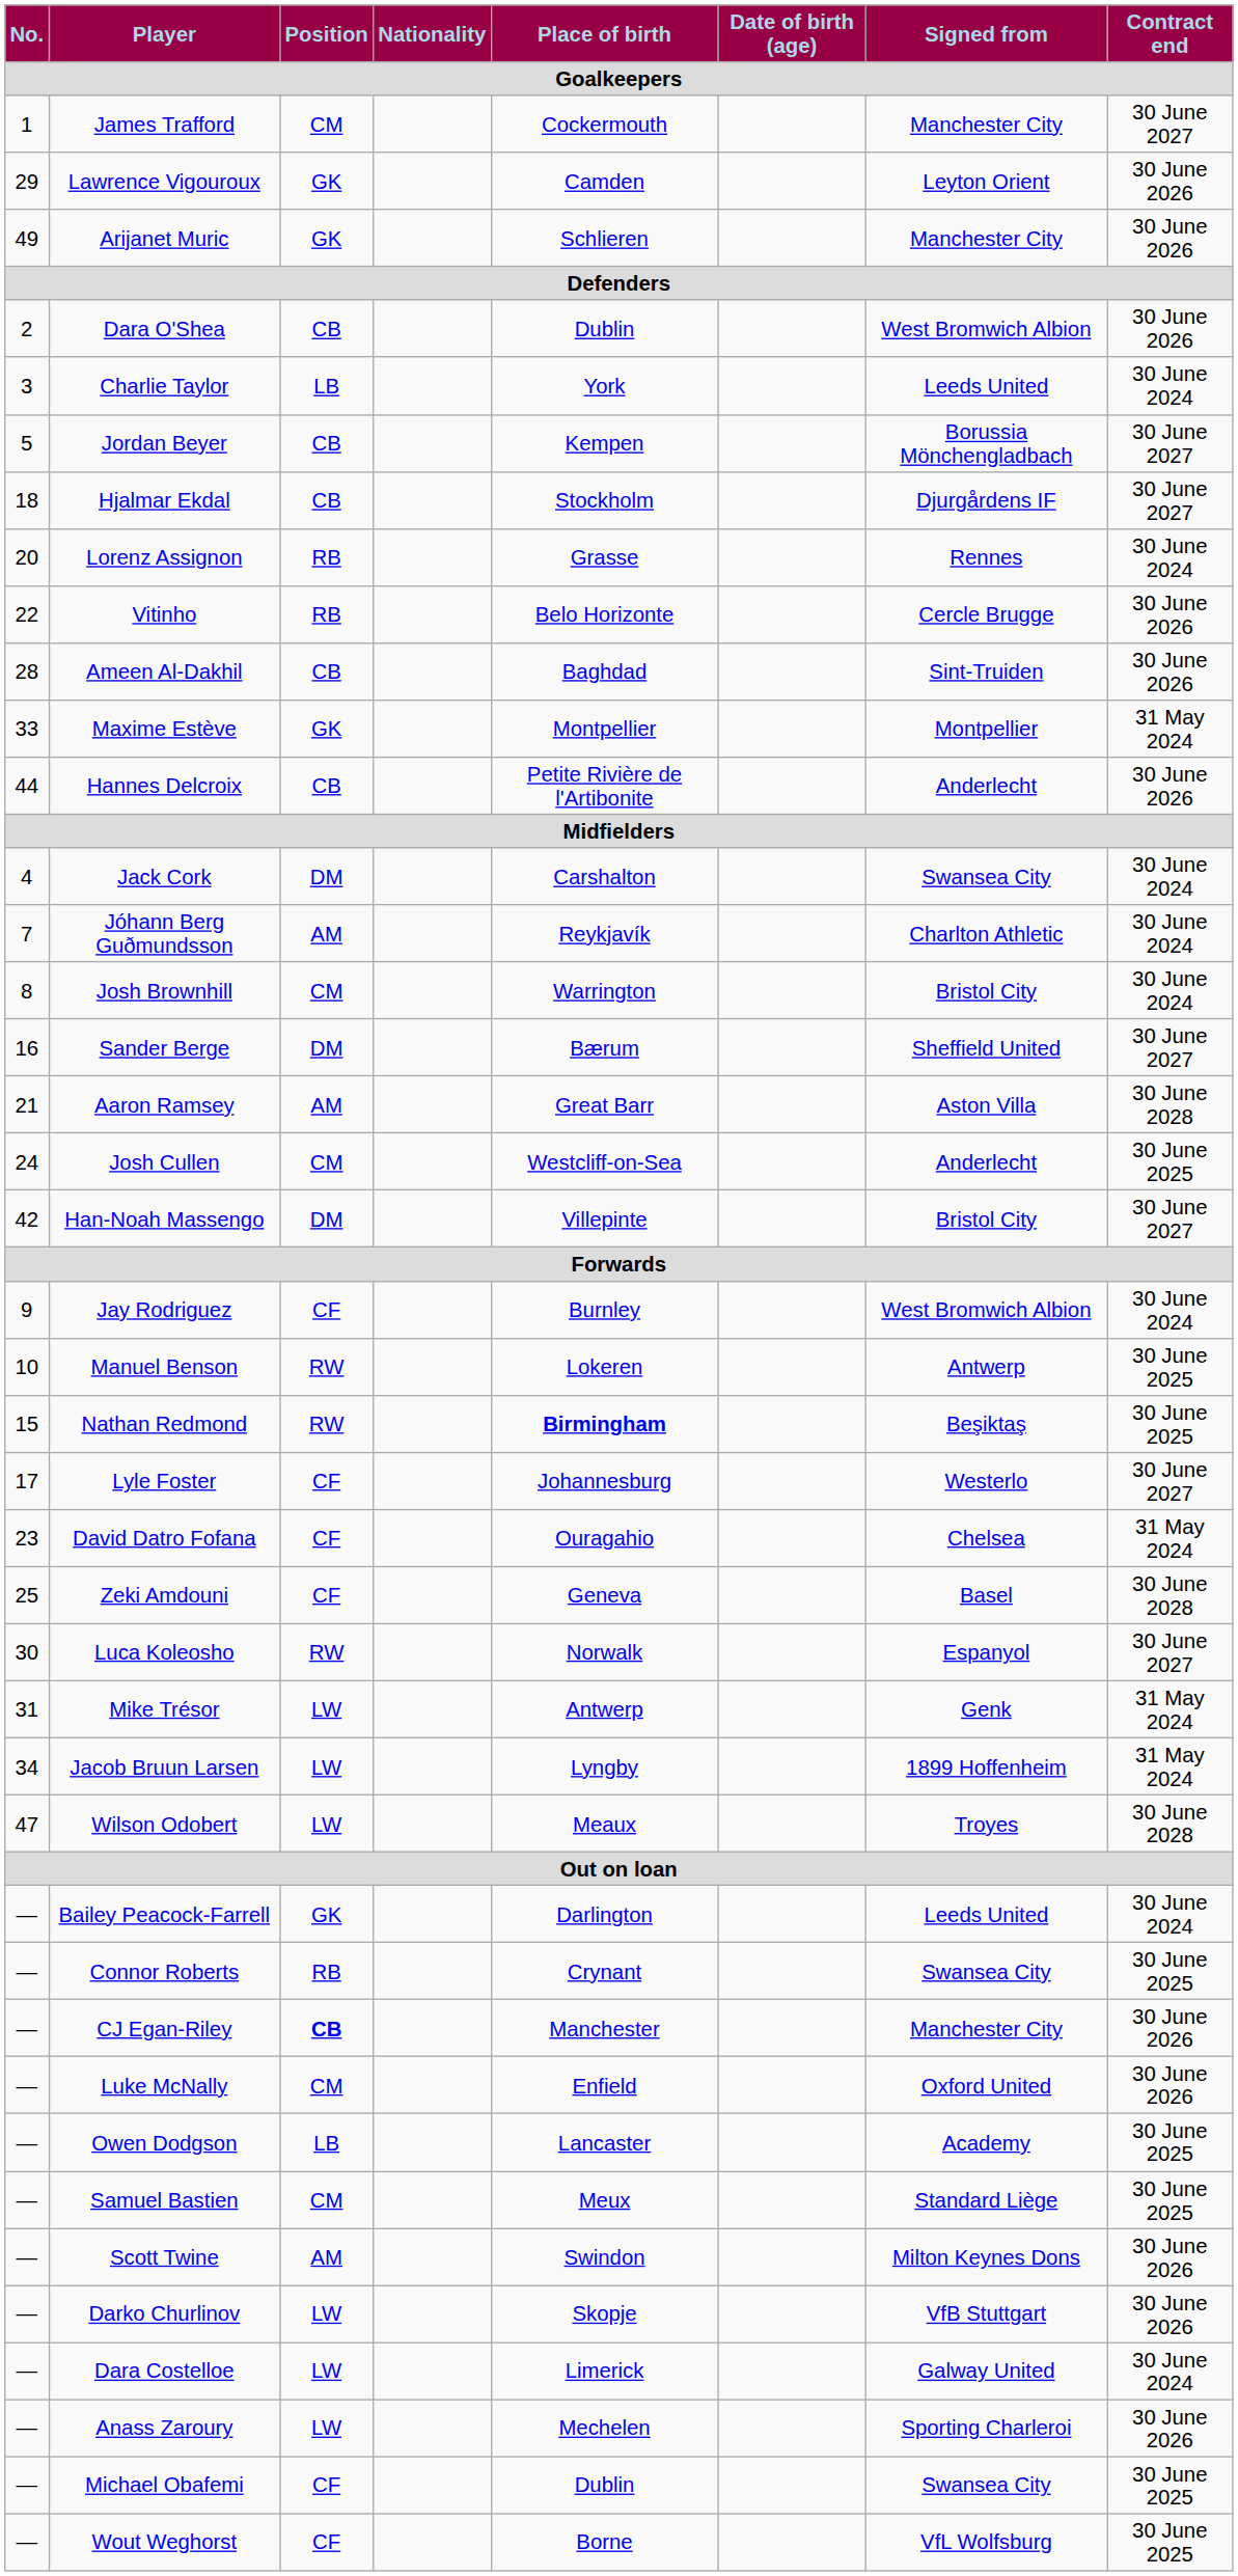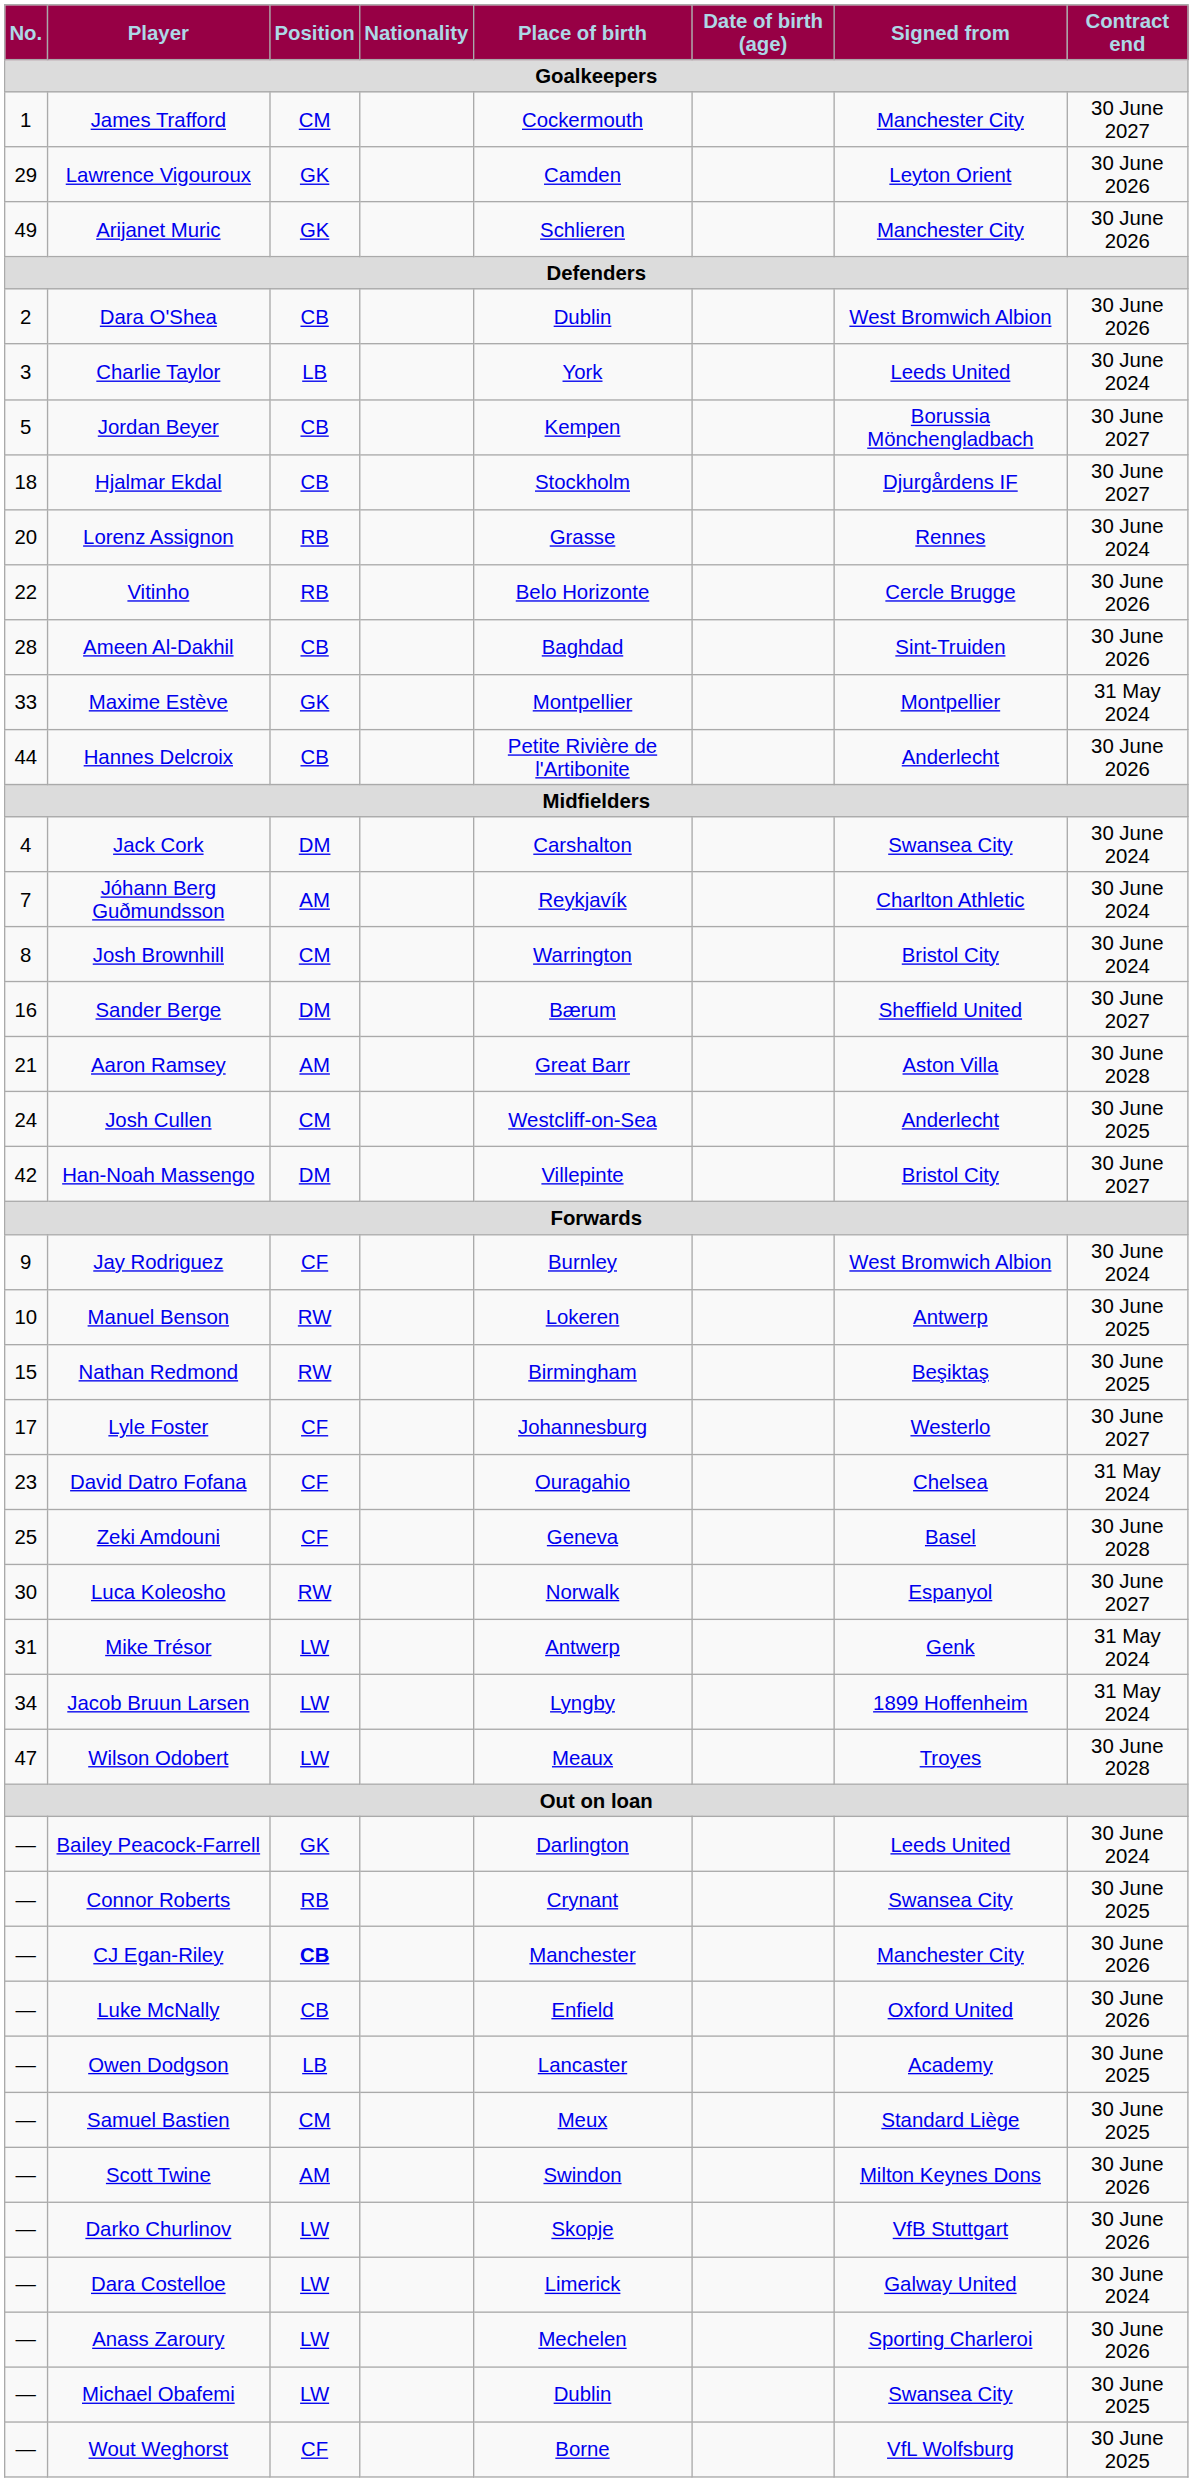 <table class="wikitable" style="text-align:center; font-size:95%; width:100%;">
 <tr>
 <th style="background:#970045; color:#ADD8E6; text-align:center;">No.</th>
 <th style="background:#970045; color:#ADD8E6; text-align:center;">Player</th>
 <th style="background:#970045; color:#ADD8E6; text-align:center;">Position</th>
 <th style="background:#970045; color:#ADD8E6; text-align:center;">Nationality</th>
 <th style="background:#970045; color:#ADD8E6; text-align:center;">Place of birth</th>
 <th style="background:#970045; color:#ADD8E6; text-align:center;">Date of birth (age)</th>
 <th style="background:#970045; color:#ADD8E6; text-align:center;">Signed from</th>
 <th style="background:#970045; color:#ADD8E6; text-align:center;">Contract end</th>
 </tr>
 <tr>
 <th colspan="12" style="background:#dcdcdc; tepxt-align:center;">Goalkeepers</th>
 </tr>
 <tr>
 <td>1</td>
 <td><a href='#'>James Trafford</a></td>
 <td><a href='#'>CM</a></td>
 <td></td>
 <td><a href='#'>Cockermouth</a></td>
 <td></td>
 <td><a href='#'>Manchester City</a></td>
 <td>30 June 2027</td>
 </tr>
 <tr>
 <td>29</td>
 <td><a href='#'>Lawrence Vigouroux</a></td>
 <td><a href='#'>GK</a></td>
 <td></td>
 <td> <a href='#'>Camden</a></td>
 <td></td>
 <td><a href='#'>Leyton Orient</a></td>
 <td>30 June 2026</td>
 </tr>
 <tr>
 <td>49</td>
 <td><a href='#'>Arijanet Muric</a></td>
 <td><a href='#'>GK</a></td>
 <td></td>
 <td> <a href='#'>Schlieren</a></td>
 <td></td>
 <td><a href='#'>Manchester City</a></td>
 <td>30 June 2026</td>
 </tr>
 <tr>
 <th colspan="12" style="background:#dcdcdc; tepxt-align:center;">Defenders</th>
 </tr>
 <tr>
 <td>2</td>
 <td><a href='#'>Dara O'Shea</a></td>
 <td><a href='#'>CB</a></td>
 <td></td>
 <td><a href='#'>Dublin</a></td>
 <td></td>
 <td><a href='#'>West Bromwich Albion</a></td>
 <td>30 June 2026</td>
 </tr>
 <tr>
 <td>3</td>
 <td><a href='#'>Charlie Taylor</a></td>
 <td><a href='#'>LB</a></td>
 <td></td>
 <td><a href='#'>York</a></td>
 <td></td>
 <td><a href='#'>Leeds United</a></td>
 <td>30 June 2024</td>
 </tr>
 <tr>
 <td>5</td>
 <td><a href='#'>Jordan Beyer</a></td>
 <td><a href='#'>CB</a></td>
 <td></td>
 <td><a href='#'>Kempen</a></td>
 <td></td>
 <td> <a href='#'>Borussia Mönchengladbach</a></td>
 <td>30 June 2027</td>
 </tr>
 <tr>
 <td>18</td>
 <td><a href='#'>Hjalmar Ekdal</a></td>
 <td><a href='#'>CB</a></td>
 <td></td>
 <td><a href='#'>Stockholm</a></td>
 <td></td>
 <td> <a href='#'>Djurgårdens IF</a></td>
 <td>30 June 2027</td>
 </tr>
 <tr>
 <td>20</td>
 <td><a href='#'>Lorenz Assignon</a></td>
 <td><a href='#'>RB</a></td>
 <td></td>
 <td><a href='#'>Grasse</a></td>
 <td></td>
 <td> <a href='#'>Rennes</a></td>
 <td>30 June 2024</td>
 </tr>
 <tr>
 <td>22</td>
 <td><a href='#'>Vitinho</a></td>
 <td><a href='#'>RB</a></td>
 <td></td>
 <td><a href='#'>Belo Horizonte</a></td>
 <td></td>
 <td> <a href='#'>Cercle Brugge</a></td>
 <td>30 June 2026</td>
 </tr>
 <tr>
 <td>28</td>
 <td><a href='#'>Ameen Al-Dakhil</a></td>
 <td><a href='#'>CB</a></td>
 <td></td>
 <td> <a href='#'>Baghdad</a></td>
 <td></td>
 <td> <a href='#'>Sint-Truiden</a></td>
 <td>30 June 2026</td>
 </tr>
 <tr>
 <td>33</td>
 <td><a href='#'>Maxime Estève</a></td>
 <td><a href='#'>GK</a></td>
 <td></td>
 <td><a href='#'>Montpellier</a></td>
 <td></td>
 <td> <a href='#'>Montpellier</a></td>
 <td>31 May 2024</td>
 </tr>
 <tr>
 <td>44</td>
 <td><a href='#'>Hannes Delcroix</a></td>
 <td><a href='#'>CB</a></td>
 <td></td>
 <td> <a href='#'>Petite Rivière de l'Artibonite</a></td>
 <td></td>
 <td> <a href='#'>Anderlecht</a></td>
 <td>30 June 2026</td>
 </tr>
 <tr>
 <th colspan="12" style="background:#dcdcdc; tepxt-align:center;">Midfielders</th>
 </tr>
 <tr>
 <td>4</td>
 <td><a href='#'>Jack Cork</a></td>
 <td><a href='#'>DM</a></td>
 <td></td>
 <td><a href='#'>Carshalton</a></td>
 <td></td>
 <td> <a href='#'>Swansea City</a></td>
 <td>30 June 2024</td>
 </tr>
 <tr>
 <td>7</td>
 <td><a href='#'>Jóhann Berg Guðmundsson</a></td>
 <td><a href='#'>AM</a></td>
 <td></td>
 <td><a href='#'>Reykjavík</a></td>
 <td></td>
 <td><a href='#'>Charlton Athletic</a></td>
 <td>30 June 2024</td>
 </tr>
 <tr>
 <td>8</td>
 <td><a href='#'>Josh Brownhill</a></td>
 <td><a href='#'>CM</a></td>
 <td></td>
 <td><a href='#'>Warrington</a></td>
 <td></td>
 <td><a href='#'>Bristol City</a></td>
 <td>30 June 2024</td>
 </tr>
 <tr>
 <td>16</td>
 <td><a href='#'>Sander Berge</a></td>
 <td><a href='#'>DM</a></td>
 <td></td>
 <td><a href='#'>Bærum</a></td>
 <td></td>
 <td><a href='#'>Sheffield United</a></td>
 <td>30 June 2027</td>
 </tr>
 <tr>
 <td>21</td>
 <td><a href='#'>Aaron Ramsey</a></td>
 <td><a href='#'>AM</a></td>
 <td></td>
 <td><a href='#'>Great Barr</a></td>
 <td></td>
 <td><a href='#'>Aston Villa</a></td>
 <td>30 June 2028</td>
 </tr>
 <tr>
 <td>24</td>
 <td><a href='#'>Josh Cullen</a></td>
 <td><a href='#'>CM</a></td>
 <td></td>
 <td> <a href='#'>Westcliff-on-Sea</a></td>
 <td></td>
 <td> <a href='#'>Anderlecht</a></td>
 <td>30 June 2025</td>
 </tr>
 <tr>
 <td>42</td>
 <td><a href='#'>Han-Noah Massengo</a></td>
 <td><a href='#'>DM</a></td>
 <td></td>
 <td><a href='#'>Villepinte</a></td>
 <td></td>
 <td><a href='#'>Bristol City</a></td>
 <td>30 June 2027</td>
 </tr>
 <tr>
 <th colspan="12" style="background:#dcdcdc; tepxt-align:center;">Forwards</th>
 </tr>
 <tr>
 <td>9</td>
 <td><a href='#'>Jay Rodriguez</a></td>
 <td><a href='#'>CF</a></td>
 <td></td>
 <td><a href='#'>Burnley</a></td>
 <td></td>
 <td><a href='#'>West Bromwich Albion</a></td>
 <td>30 June 2024</td>
 </tr>
 <tr>
 <td>10</td>
 <td><a href='#'>Manuel Benson</a></td>
 <td><a href='#'>RW</a></td>
 <td></td>
 <td><a href='#'>Lokeren</a></td>
 <td></td>
 <td> <a href='#'>Antwerp</a></td>
 <td>30 June 2025</td>
 </tr>
 <tr>
 <td>15</td>
 <td><a href='#'>Nathan Redmond</a></td>
 <td><a href='#'>RW</a></td>
 <td></td>
-<td><strong><a href='#'>Birmingham</a></strong></td>
+<td><a href='#'>Birmingham</a></td>
 <td></td>
 <td> <a href='#'>Beşiktaş</a></td>
 <td>30 June 2025</td>
 </tr>
 <tr>
 <td>17</td>
 <td><a href='#'>Lyle Foster</a></td>
 <td><a href='#'>CF</a></td>
 <td></td>
 <td><a href='#'>Johannesburg</a></td>
 <td></td>
 <td> <a href='#'>Westerlo</a></td>
 <td>30 June 2027</td>
 </tr>
 <tr>
 <td>23</td>
 <td><a href='#'>David Datro Fofana</a></td>
 <td><a href='#'>CF</a></td>
 <td></td>
 <td><a href='#'>Ouragahio</a></td>
 <td></td>
 <td><a href='#'>Chelsea</a></td>
 <td>31 May 2024</td>
 </tr>
 <tr>
 <td>25</td>
 <td><a href='#'>Zeki Amdouni</a></td>
 <td><a href='#'>CF</a></td>
 <td></td>
 <td><a href='#'>Geneva</a></td>
 <td></td>
 <td> <a href='#'>Basel</a></td>
 <td>30 June 2028</td>
 </tr>
 <tr>
 <td>30</td>
 <td><a href='#'>Luca Koleosho</a></td>
 <td><a href='#'>RW</a></td>
 <td></td>
 <td> <a href='#'>Norwalk</a></td>
 <td></td>
 <td> <a href='#'>Espanyol</a></td>
 <td>30 June 2027</td>
 </tr>
 <tr>
 <td>31</td>
 <td><a href='#'>Mike Trésor</a></td>
 <td><a href='#'>LW</a></td>
 <td></td>
 <td><a href='#'>Antwerp</a></td>
 <td></td>
 <td> <a href='#'>Genk</a></td>
 <td>31 May 2024</td>
 </tr>
 <tr>
 <td>34</td>
 <td><a href='#'>Jacob Bruun Larsen</a></td>
 <td><a href='#'>LW</a></td>
 <td></td>
 <td><a href='#'>Lyngby</a></td>
 <td></td>
 <td> <a href='#'>1899 Hoffenheim</a></td>
 <td>31 May 2024</td>
 </tr>
 <tr>
 <td>47</td>
 <td><a href='#'>Wilson Odobert</a></td>
 <td><a href='#'>LW</a></td>
 <td></td>
 <td><a href='#'>Meaux</a></td>
 <td></td>
 <td> <a href='#'>Troyes</a></td>
 <td>30 June 2028</td>
 </tr>
 <tr>
 <th colspan="12" style="background:#dcdcdc; tepxt-align:center;">Out on loan</th>
 </tr>
 <tr>
 <td>—</td>
 <td><a href='#'>Bailey Peacock-Farrell</a></td>
 <td><a href='#'>GK</a></td>
 <td></td>
 <td> <a href='#'>Darlington</a></td>
 <td></td>
 <td><a href='#'>Leeds United</a></td>
 <td>30 June 2024</td>
 </tr>
 <tr>
 <td>—</td>
 <td><a href='#'>Connor Roberts</a></td>
 <td><a href='#'>RB</a></td>
 <td></td>
 <td><a href='#'>Crynant</a></td>
 <td></td>
 <td> <a href='#'>Swansea City</a></td>
 <td>30 June 2025</td>
 </tr>
 <tr>
 <td>—</td>
 <td><a href='#'>CJ Egan-Riley</a></td>
 <td><strong><a href='#'>CB</a></strong></td>
 <td></td>
 <td><a href='#'>Manchester</a></td>
 <td></td>
 <td><a href='#'>Manchester City</a></td>
 <td>30 June 2026</td>
 </tr>
 <tr>
 <td>—</td>
 <td><a href='#'>Luke McNally</a></td>
-<td><a href='#'>CM</a></td>
+<td><a href='#'>CB</a></td>
 <td></td>
 <td><a href='#'>Enfield</a></td>
 <td></td>
 <td><a href='#'>Oxford United</a></td>
 <td>30 June 2026</td>
 </tr>
 <tr>
 <td>—</td>
 <td><a href='#'>Owen Dodgson</a></td>
 <td><a href='#'>LB</a></td>
 <td></td>
 <td><a href='#'>Lancaster</a></td>
 <td></td>
 <td><a href='#'>Academy</a></td>
 <td>30 June 2025</td>
 </tr>
 <tr>
 <td>—</td>
 <td><a href='#'>Samuel Bastien</a></td>
 <td><a href='#'>CM</a></td>
 <td></td>
 <td> <a href='#'>Meux</a></td>
 <td></td>
 <td> <a href='#'>Standard Liège</a></td>
 <td>30 June 2025</td>
 </tr>
 <tr>
 <td>—</td>
 <td><a href='#'>Scott Twine</a></td>
 <td><a href='#'>AM</a></td>
 <td></td>
 <td><a href='#'>Swindon</a></td>
 <td></td>
 <td><a href='#'>Milton Keynes Dons</a></td>
 <td>30 June 2026</td>
 </tr>
 <tr>
 <td>—</td>
 <td><a href='#'>Darko Churlinov</a></td>
 <td><a href='#'>LW</a></td>
 <td></td>
 <td><a href='#'>Skopje</a></td>
 <td></td>
 <td> <a href='#'>VfB Stuttgart</a></td>
 <td>30 June 2026</td>
 </tr>
 <tr>
 <td>—</td>
 <td><a href='#'>Dara Costelloe</a></td>
 <td><a href='#'>LW</a></td>
 <td></td>
 <td><a href='#'>Limerick</a></td>
 <td></td>
 <td> <a href='#'>Galway United</a></td>
 <td>30 June 2024</td>
 </tr>
 <tr>
 <td>—</td>
 <td><a href='#'>Anass Zaroury</a></td>
 <td><a href='#'>LW</a></td>
 <td></td>
 <td> <a href='#'>Mechelen</a></td>
 <td></td>
 <td> <a href='#'>Sporting Charleroi</a></td>
 <td>30 June 2026</td>
 </tr>
 <tr>
 <td>—</td>
 <td><a href='#'>Michael Obafemi</a></td>
-<td><a href='#'>CF</a></td>
+<td><a href='#'>LW</a></td>
 <td></td>
 <td><a href='#'>Dublin</a></td>
 <td></td>
 <td> <a href='#'>Swansea City</a></td>
 <td>30 June 2025</td>
 </tr>
 <tr>
 <td>—</td>
 <td><a href='#'>Wout Weghorst</a></td>
 <td><a href='#'>CF</a></td>
 <td></td>
 <td><a href='#'>Borne</a></td>
 <td></td>
 <td> <a href='#'>VfL Wolfsburg</a></td>
 <td>30 June 2025</td>
 </tr>
 </table>
